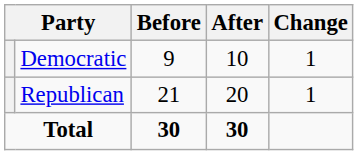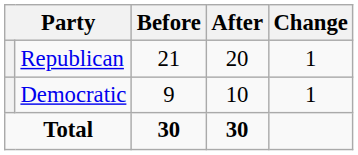 <table class="wikitable" style="text-align:center;">
 <tr>
 <th colspan="2">Party</th>
 <th>Before</th>
 <th>After</th>
 <th>Change</th>
 </tr>
 <tr>
 <th style="background-color:"></th>
-<td style="text-align:left;"><a href='#'>Democratic</a></td>
-<td>9</td>
-<td>10</td>
+<td style="text-align:left;"><a href='#'>Republican</a></td>
+<td>21</td>
+<td>20</td>
 <td> 1</td>
 </tr>
 <tr>
 <th style="background-color:"></th>
-<td style="text-align:left;"><a href='#'>Republican</a></td>
-<td>21</td>
-<td>20</td>
+<td style="text-align:left;"><a href='#'>Democratic</a></td>
+<td>9</td>
+<td>10</td>
 <td> 1</td>
 </tr>
 <tr>
 <td colspan="2"><strong>Total</strong></td>
 <td><strong>30</strong></td>
 <td><strong>30</strong></td>
 <td></td>
 </tr>
 </table>
